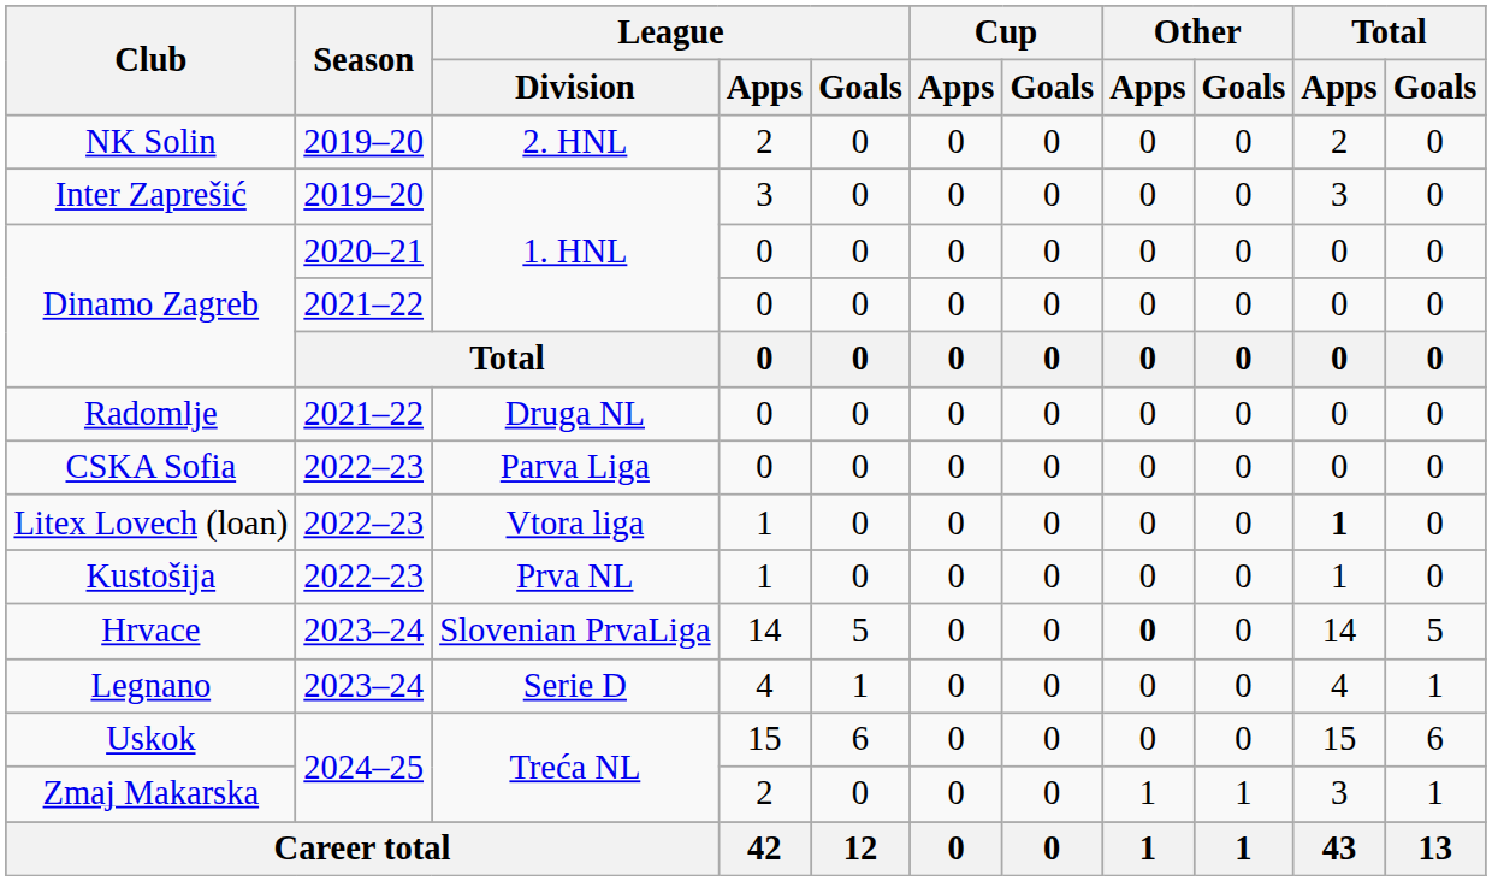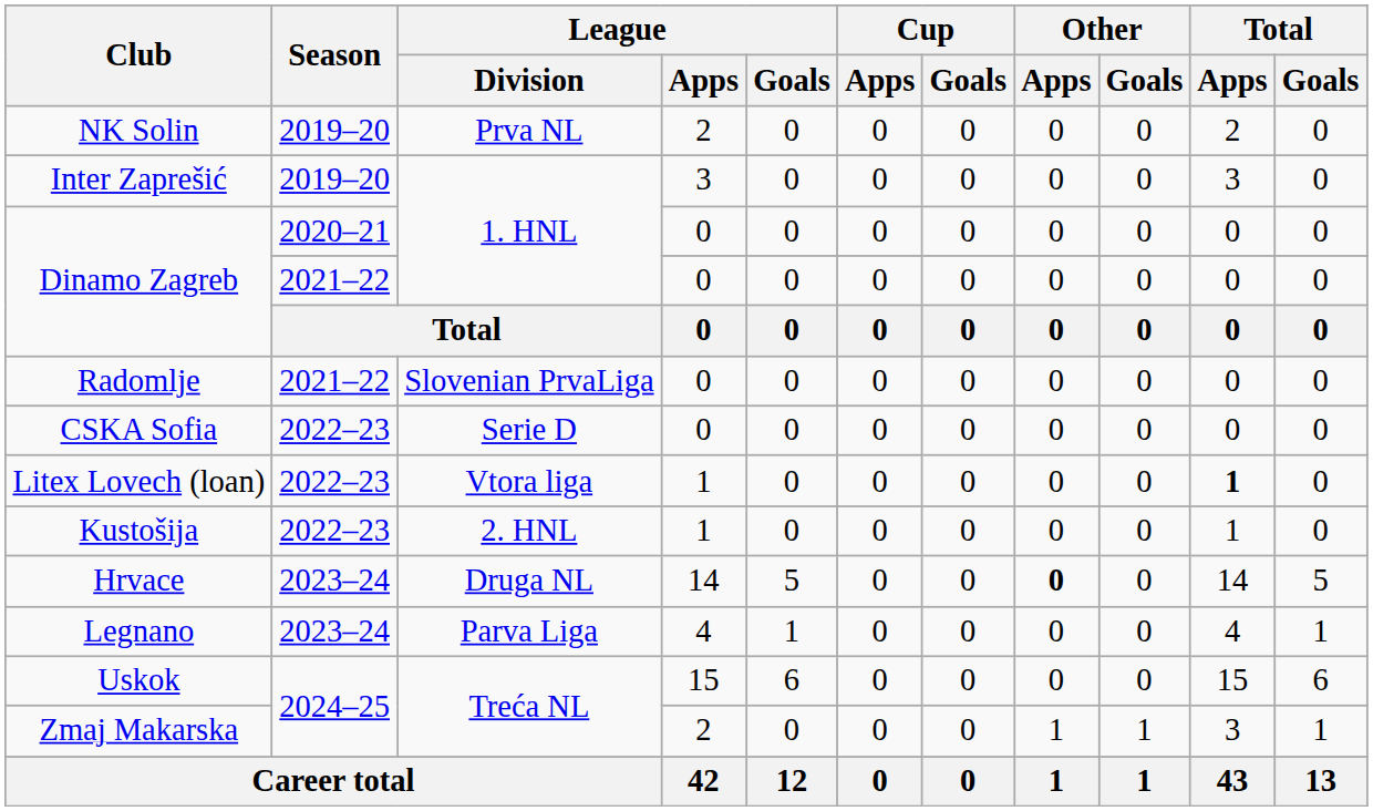 <table class=wikitable style=text-align:center>
 <tr>
 <th rowspan=2>Club</th>
 <th rowspan=2>Season</th>
 <th colspan=3>League</th>
 <th colspan=2>Cup</th>
 <th colspan=2>Other</th>
 <th colspan=2>Total</th>
 </tr>
 <tr>
 <th>Division</th>
 <th>Apps</th>
 <th>Goals</th>
 <th>Apps</th>
 <th>Goals</th>
 <th>Apps</th>
 <th>Goals</th>
 <th>Apps</th>
 <th>Goals</th>
 </tr>
 <tr>
 <td><a href='#'>NK Solin</a></td>
 <td><a href='#'>2019–20</a></td>
-<td><a href='#'>2. HNL</a></td>
+<td><a href='#'>Prva NL</a></td>
 <td>2</td>
 <td>0</td>
 <td>0</td>
 <td>0</td>
 <td>0</td>
 <td>0</td>
 <td>2</td>
 <td>0</td>
 </tr>
 <tr>
 <td><a href='#'>Inter Zaprešić</a></td>
 <td><a href='#'>2019–20</a></td>
 <td rowspan=3><a href='#'>1. HNL</a></td>
 <td>3</td>
 <td>0</td>
 <td>0</td>
 <td>0</td>
 <td>0</td>
 <td>0</td>
 <td>3</td>
 <td>0</td>
 </tr>
 <tr>
 <td rowspan=3><a href='#'>Dinamo Zagreb</a></td>
 <td><a href='#'>2020–21</a></td>
 <td>0</td>
 <td>0</td>
 <td>0</td>
 <td>0</td>
 <td>0</td>
 <td>0</td>
 <td>0</td>
 <td>0</td>
 </tr>
 <tr>
 <td><a href='#'>2021–22</a></td>
 <td>0</td>
 <td>0</td>
 <td>0</td>
 <td>0</td>
 <td>0</td>
 <td>0</td>
 <td>0</td>
 <td>0</td>
 </tr>
 <tr>
 <th colspan=2>Total</th>
 <th>0</th>
 <th>0</th>
 <th>0</th>
 <th>0</th>
 <th>0</th>
 <th>0</th>
 <th>0</th>
 <th>0</th>
 </tr>
 <tr>
 <td><a href='#'>Radomlje</a></td>
 <td><a href='#'>2021–22</a></td>
-<td><a href='#'>Druga NL</a></td>
+<td><a href='#'>Slovenian PrvaLiga</a></td>
 <td>0</td>
 <td>0</td>
 <td>0</td>
 <td>0</td>
 <td>0</td>
 <td>0</td>
 <td>0</td>
 <td>0</td>
 </tr>
 <tr>
 <td><a href='#'>CSKA Sofia</a></td>
 <td><a href='#'>2022–23</a></td>
-<td><a href='#'>Parva Liga</a></td>
+<td><a href='#'>Serie D</a></td>
 <td>0</td>
 <td>0</td>
 <td>0</td>
 <td>0</td>
 <td>0</td>
 <td>0</td>
 <td>0</td>
 <td>0</td>
 </tr>
 <tr>
 <td><a href='#'>Litex Lovech</a> (loan)</td>
 <td><a href='#'>2022–23</a></td>
 <td><a href='#'>Vtora liga</a></td>
 <td>1</td>
 <td>0</td>
 <td>0</td>
 <td>0</td>
 <td>0</td>
 <td>0</td>
 <td><strong>1</strong></td>
 <td>0</td>
 </tr>
 <tr>
 <td><a href='#'>Kustošija</a></td>
 <td><a href='#'>2022–23</a></td>
-<td><a href='#'>Prva NL</a></td>
+<td><a href='#'>2. HNL</a></td>
 <td>1</td>
 <td>0</td>
 <td>0</td>
 <td>0</td>
 <td>0</td>
 <td>0</td>
 <td>1</td>
 <td>0</td>
 </tr>
 <tr>
 <td><a href='#'>Hrvace</a></td>
 <td><a href='#'>2023–24</a></td>
-<td><a href='#'>Slovenian PrvaLiga</a></td>
+<td><a href='#'>Druga NL</a></td>
 <td>14</td>
 <td>5</td>
 <td>0</td>
 <td>0</td>
 <td><strong>0</strong></td>
 <td>0</td>
 <td>14</td>
 <td>5</td>
 </tr>
 <tr>
 <td><a href='#'>Legnano</a></td>
 <td><a href='#'>2023–24</a></td>
-<td><a href='#'>Serie D</a></td>
+<td><a href='#'>Parva Liga</a></td>
 <td>4</td>
 <td>1</td>
 <td>0</td>
 <td>0</td>
 <td>0</td>
 <td>0</td>
 <td>4</td>
 <td>1</td>
 </tr>
 <tr>
 <td><a href='#'>Uskok</a></td>
 <td rowspan="2"><a href='#'>2024–25</a></td>
 <td rowspan="2"><a href='#'>Treća NL</a></td>
 <td>15</td>
 <td>6</td>
 <td>0</td>
 <td>0</td>
 <td>0</td>
 <td>0</td>
 <td>15</td>
 <td>6</td>
 </tr>
 <tr>
 <td><a href='#'>Zmaj Makarska</a></td>
 <td>2</td>
 <td>0</td>
 <td>0</td>
 <td>0</td>
 <td>1</td>
 <td>1</td>
 <td>3</td>
 <td>1</td>
 </tr>
 <tr>
 <th colspan=3>Career total</th>
 <th>42</th>
 <th>12</th>
 <th>0</th>
 <th>0</th>
 <th>1</th>
 <th>1</th>
 <th>43</th>
 <th>13</th>
 </tr>
 </table>
